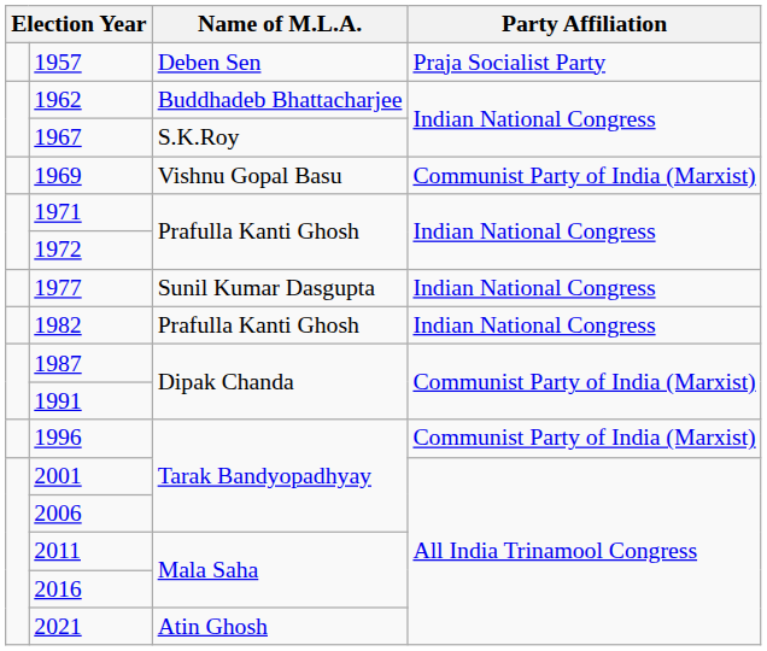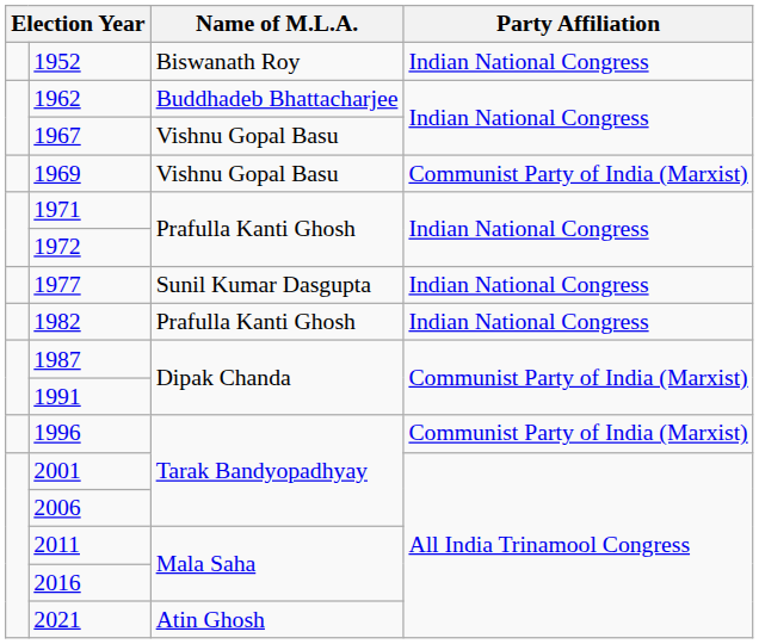 <table class="wikitable sortable">
 <tr>
 <th colspan="2">Election Year</th>
 <th>Name of M.L.A.</th>
 <th>Party Affiliation</th>
 </tr>
 <tr>
 <td style="background-color: "></td>
-<td><a href='#'>1957</a></td>
-<td><a href='#'>Deben Sen</a></td>
-<td><a href='#'>Praja Socialist Party</a></td>
+<td><a href='#'>1952</a></td>
+<td>Biswanath Roy</td>
+<td><a href='#'>Indian National Congress</a></td>
 </tr>
 <tr>
 <td rowspan="2" style="background-color: "></td>
 <td><a href='#'>1962</a></td>
 <td><a href='#'>Buddhadeb Bhattacharjee</a></td>
 <td rowspan="2"><a href='#'>Indian National Congress</a></td>
 </tr>
 <tr>
 <td><a href='#'>1967</a></td>
-<td>S.K.Roy</td>
+<td>Vishnu Gopal Basu</td>
 </tr>
 <tr>
 <td style="background-color: "></td>
 <td><a href='#'>1969</a></td>
 <td>Vishnu Gopal Basu</td>
 <td><a href='#'>Communist Party of India (Marxist)</a></td>
 </tr>
 <tr>
 <td rowspan="2" style="background-color: "></td>
 <td><a href='#'>1971</a></td>
 <td rowspan="2">Prafulla Kanti Ghosh</td>
 <td rowspan="2"><a href='#'>Indian National Congress</a></td>
 </tr>
 <tr>
 <td><a href='#'>1972</a></td>
 </tr>
 <tr>
 <td style="background-color: "></td>
 <td><a href='#'>1977</a></td>
 <td>Sunil Kumar Dasgupta</td>
 <td><a href='#'>Indian National Congress</a></td>
 </tr>
 <tr>
 <td style="background-color: "></td>
 <td><a href='#'>1982</a></td>
 <td>Prafulla Kanti Ghosh</td>
 <td><a href='#'>Indian National Congress</a></td>
 </tr>
 <tr>
 <td rowspan="2" style="background-color: "></td>
 <td><a href='#'>1987</a></td>
 <td rowspan="2">Dipak Chanda</td>
 <td rowspan="2"><a href='#'>Communist Party of India (Marxist)</a></td>
 </tr>
 <tr>
 <td><a href='#'>1991</a></td>
 </tr>
 <tr>
 <td style="background-color: "></td>
 <td><a href='#'>1996</a></td>
 <td rowspan="3"><a href='#'>Tarak Bandyopadhyay</a></td>
 <td><a href='#'>Communist Party of India (Marxist)</a></td>
 </tr>
 <tr>
 <td rowspan="5" style="background-color: "></td>
 <td><a href='#'>2001</a></td>
 <td rowspan="5"><a href='#'>All India Trinamool Congress</a></td>
 </tr>
 <tr>
 <td><a href='#'>2006</a></td>
 </tr>
 <tr>
 <td><a href='#'>2011</a></td>
 <td rowspan="2"><a href='#'>Mala Saha</a></td>
 </tr>
 <tr>
 <td><a href='#'>2016</a></td>
 </tr>
 <tr>
 <td><a href='#'>2021</a></td>
 <td><a href='#'>Atin Ghosh</a></td>
 </tr>
 </table>
